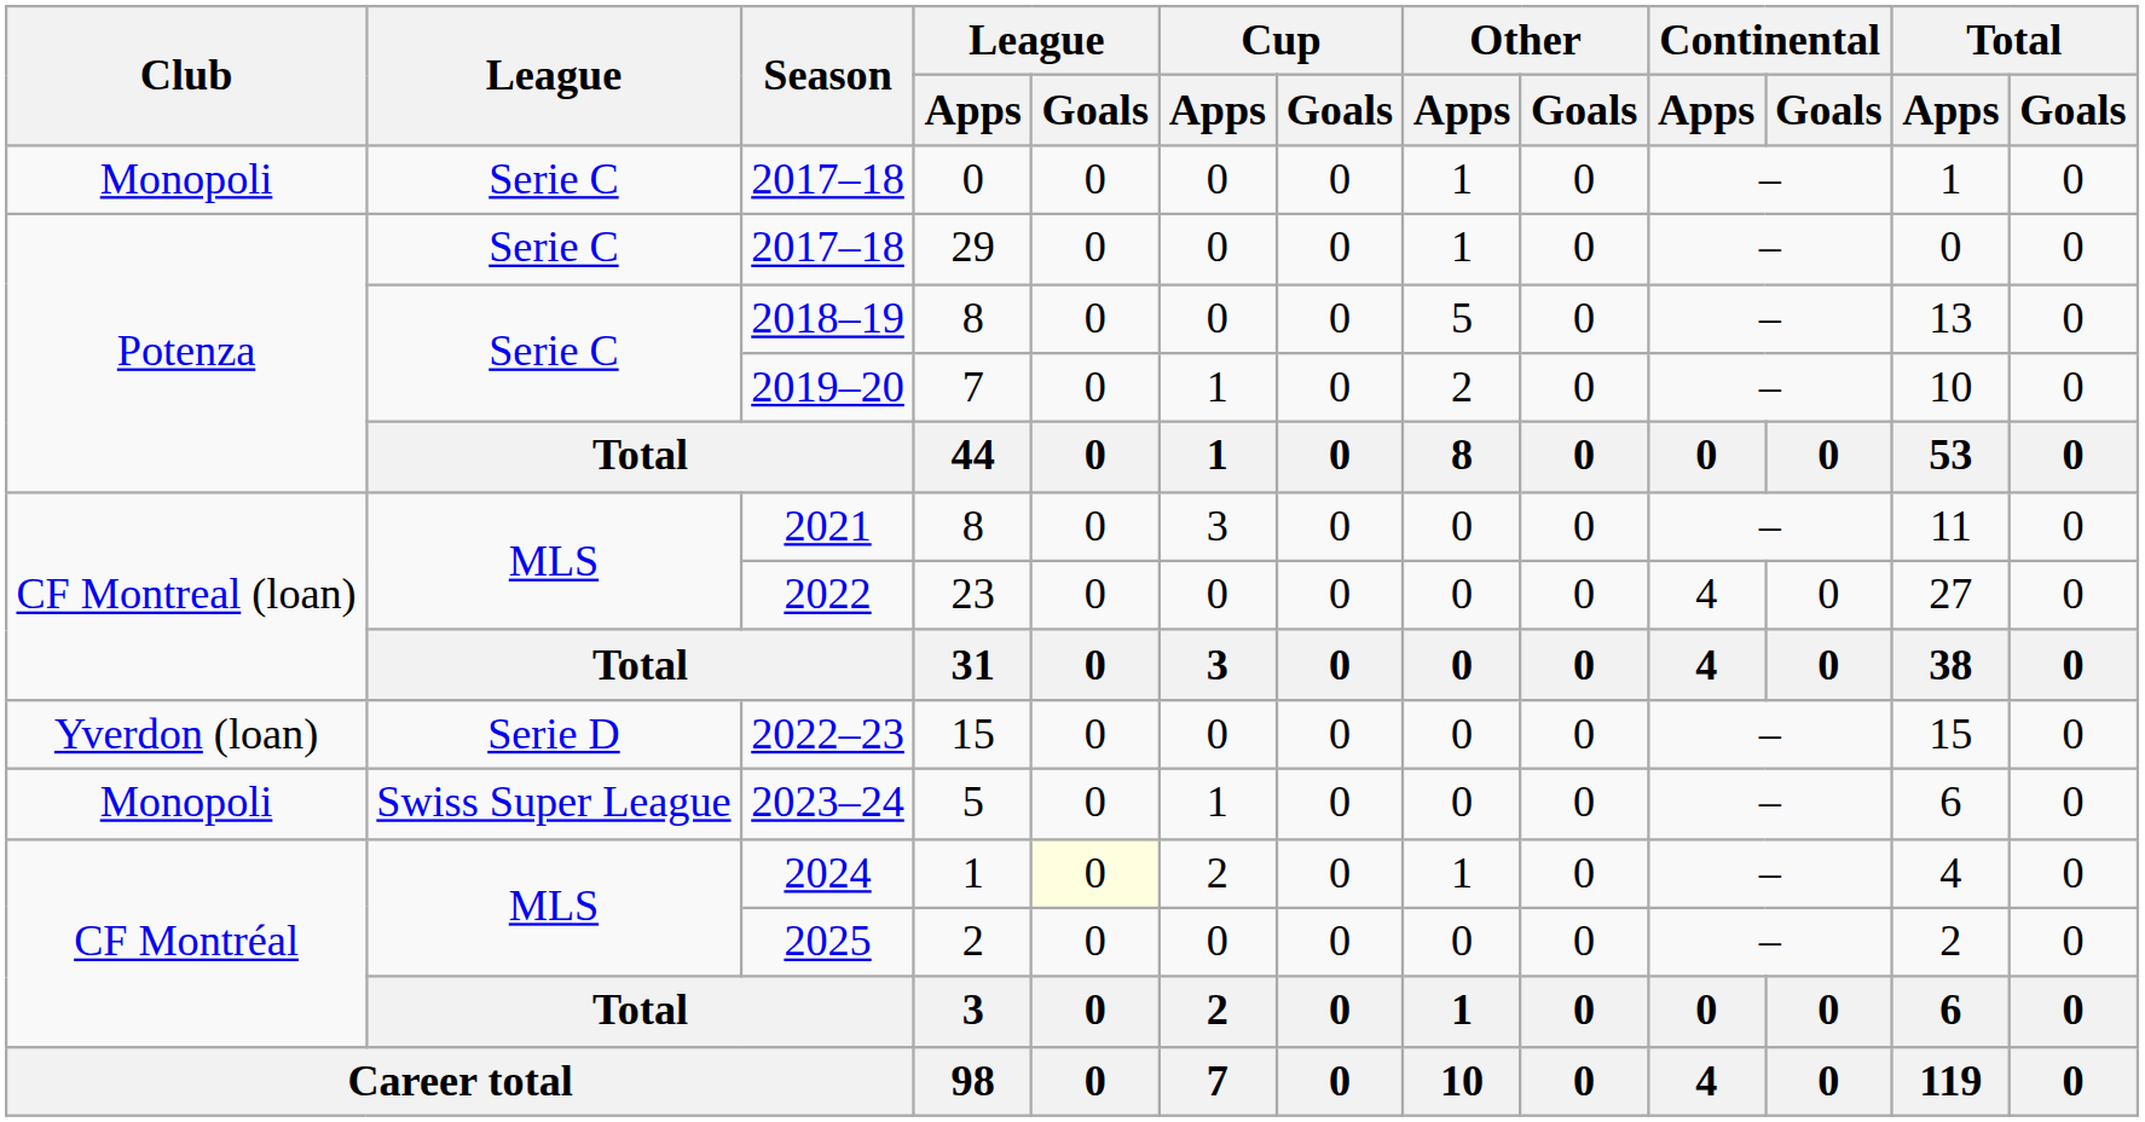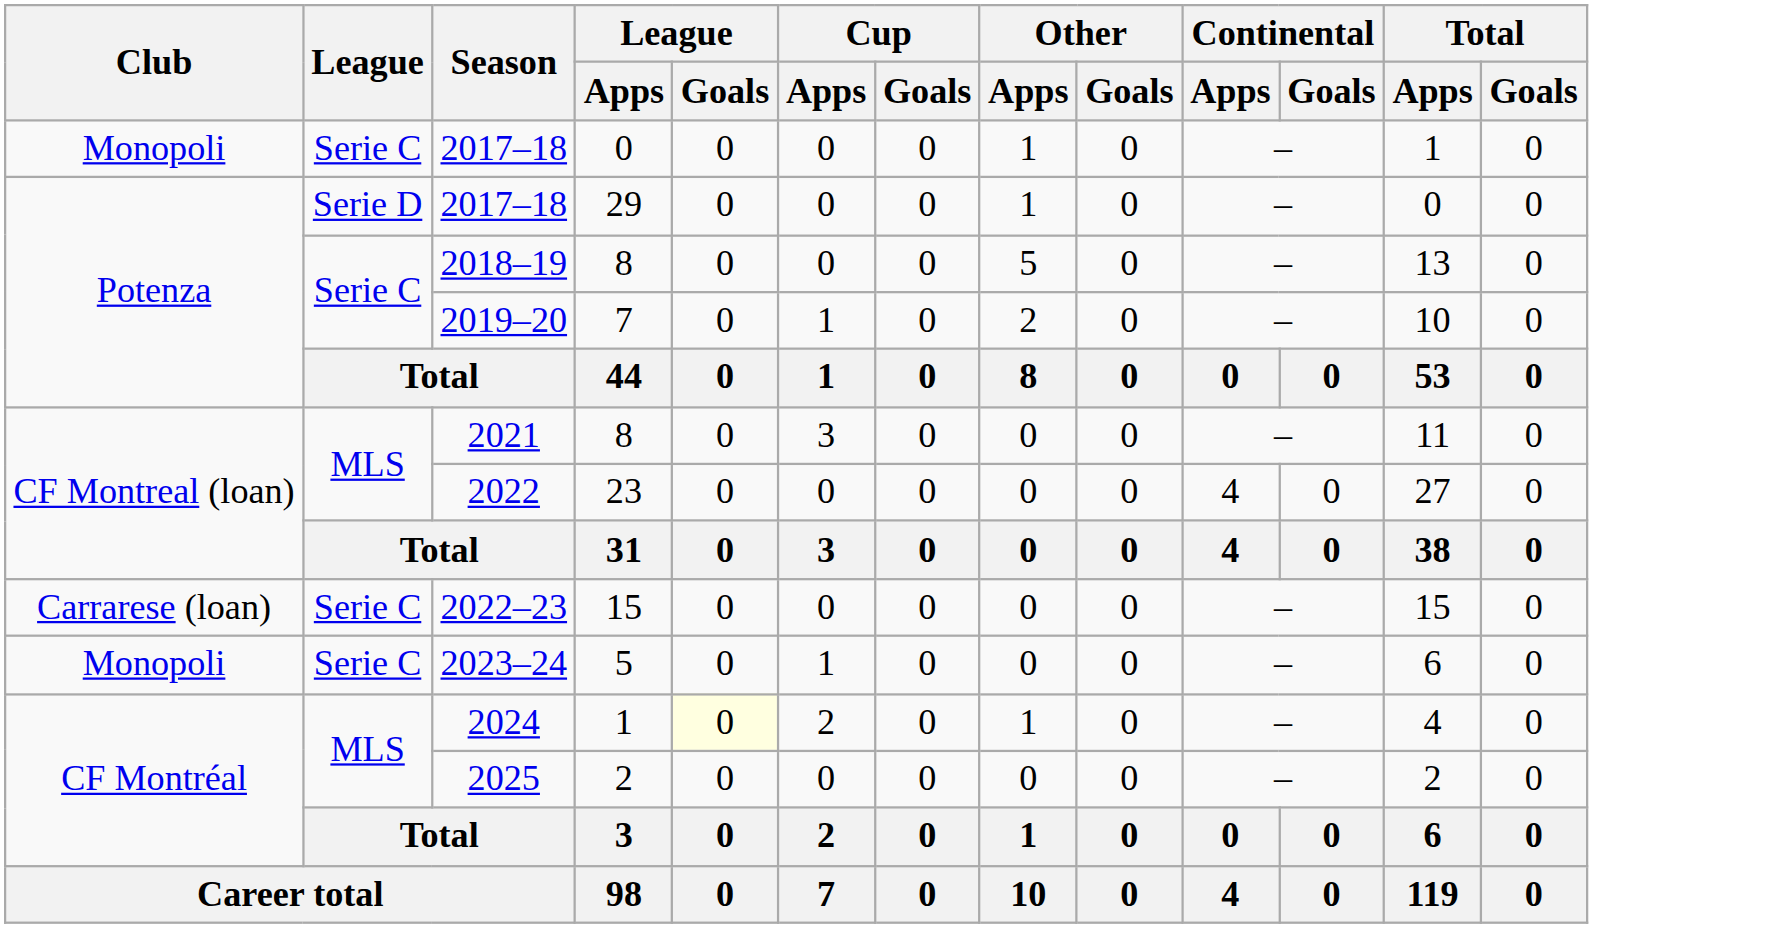 <table class="wikitable" style="text-align: center;">
 <tr>
 <th rowspan="2">Club</th>
 <th rowspan="2">League</th>
 <th rowspan="2">Season</th>
 <th colspan="2">League</th>
 <th colspan="2">Cup</th>
 <th colspan="2">Other</th>
 <th colspan="2">Continental</th>
 <th colspan="2">Total</th>
 </tr>
 <tr>
 <th>Apps</th>
 <th>Goals</th>
 <th>Apps</th>
 <th>Goals</th>
 <th>Apps</th>
 <th>Goals</th>
 <th>Apps</th>
 <th>Goals</th>
 <th>Apps</th>
 <th>Goals</th>
 </tr>
 <tr>
 <td><a href='#'>Monopoli</a></td>
 <td><a href='#'>Serie C</a></td>
 <td><a href='#'>2017–18</a></td>
 <td>0</td>
 <td>0</td>
 <td>0</td>
 <td>0</td>
 <td>1</td>
 <td>0</td>
 <td colspan="2">–</td>
 <td>1</td>
 <td>0</td>
 </tr>
 <tr>
 <td rowspan="4"><a href='#'>Potenza</a></td>
-<td><a href='#'>Serie C</a></td>
+<td><a href='#'>Serie D</a></td>
 <td><a href='#'>2017–18</a></td>
 <td>29</td>
 <td>0</td>
 <td>0</td>
 <td>0</td>
 <td>1</td>
 <td>0</td>
 <td colspan="2">–</td>
 <td>0</td>
 <td>0</td>
 </tr>
 <tr>
 <td rowspan="2"><a href='#'>Serie C</a></td>
 <td><a href='#'>2018–19</a></td>
 <td>8</td>
 <td>0</td>
 <td>0</td>
 <td>0</td>
 <td>5</td>
 <td>0</td>
 <td colspan="2">–</td>
 <td>13</td>
 <td>0</td>
 </tr>
 <tr>
 <td><a href='#'>2019–20</a></td>
 <td>7</td>
 <td>0</td>
 <td>1</td>
 <td>0</td>
 <td>2</td>
 <td>0</td>
 <td colspan="2">–</td>
 <td>10</td>
 <td>0</td>
 </tr>
 <tr>
 <th colspan="2">Total</th>
 <th>44</th>
 <th>0</th>
 <th>1</th>
 <th>0</th>
 <th>8</th>
 <th>0</th>
 <th>0</th>
 <th>0</th>
 <th>53</th>
 <th>0</th>
 </tr>
 <tr>
 <td rowspan="3"><a href='#'>CF Montreal</a> (loan)</td>
 <td rowspan="2"><a href='#'>MLS</a></td>
 <td><a href='#'>2021</a></td>
 <td>8</td>
 <td>0</td>
 <td>3</td>
 <td>0</td>
 <td>0</td>
 <td>0</td>
 <td colspan="2">–</td>
 <td>11</td>
 <td>0</td>
 </tr>
 <tr>
 <td><a href='#'>2022</a></td>
 <td>23</td>
 <td>0</td>
 <td>0</td>
 <td>0</td>
 <td>0</td>
 <td>0</td>
 <td>4</td>
 <td>0</td>
 <td>27</td>
 <td>0</td>
 </tr>
 <tr>
 <th colspan="2">Total</th>
 <th>31</th>
 <th>0</th>
 <th>3</th>
 <th>0</th>
 <th>0</th>
 <th>0</th>
 <th>4</th>
 <th>0</th>
 <th>38</th>
 <th>0</th>
 </tr>
 <tr>
-<td><a href='#'>Yverdon</a> (loan)</td>
-<td><a href='#'>Serie D</a></td>
+<td><a href='#'>Carrarese</a> (loan)</td>
+<td><a href='#'>Serie C</a></td>
 <td><a href='#'>2022–23</a></td>
 <td>15</td>
 <td>0</td>
 <td>0</td>
 <td>0</td>
 <td>0</td>
 <td>0</td>
 <td colspan="2">–</td>
 <td>15</td>
 <td>0</td>
 </tr>
 <tr>
 <td><a href='#'>Monopoli</a></td>
-<td><a href='#'>Swiss Super League</a></td>
+<td><a href='#'>Serie C</a></td>
 <td><a href='#'>2023–24</a></td>
 <td>5</td>
 <td>0</td>
 <td>1</td>
 <td>0</td>
 <td>0</td>
 <td>0</td>
 <td colspan="2">–</td>
 <td>6</td>
 <td>0</td>
 </tr>
 <tr>
 <td rowspan="3"><a href='#'>CF Montréal</a></td>
 <td rowspan="2"><a href='#'>MLS</a></td>
 <td><a href='#'>2024</a></td>
 <td>1</td>
 <td style="background: lightyellow;">0</td>
 <td>2</td>
 <td>0</td>
 <td>1</td>
 <td>0</td>
 <td colspan="2">–</td>
 <td>4</td>
 <td>0</td>
 </tr>
 <tr>
 <td><a href='#'>2025</a></td>
 <td>2</td>
 <td>0</td>
 <td>0</td>
 <td>0</td>
 <td>0</td>
 <td>0</td>
 <td colspan="2">–</td>
 <td>2</td>
 <td>0</td>
 </tr>
 <tr>
 <th colspan="2">Total</th>
 <th>3</th>
 <th>0</th>
 <th>2</th>
 <th>0</th>
 <th>1</th>
 <th>0</th>
 <th>0</th>
 <th>0</th>
 <th>6</th>
 <th>0</th>
 </tr>
 <tr>
 <th colspan="3">Career total</th>
 <th>98</th>
 <th>0</th>
 <th>7</th>
 <th>0</th>
 <th>10</th>
 <th>0</th>
 <th>4</th>
 <th>0</th>
 <th>119</th>
 <th>0</th>
 </tr>
 </table>
